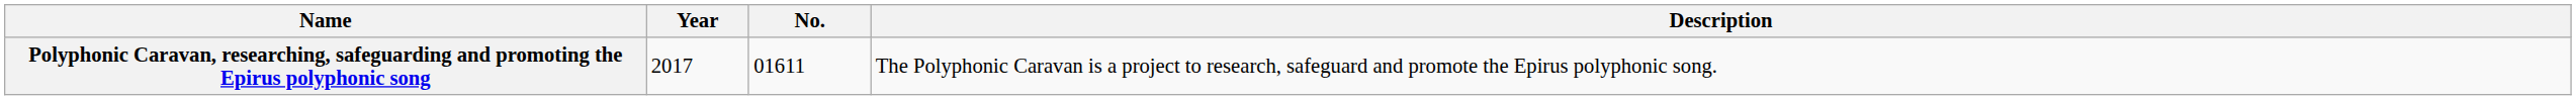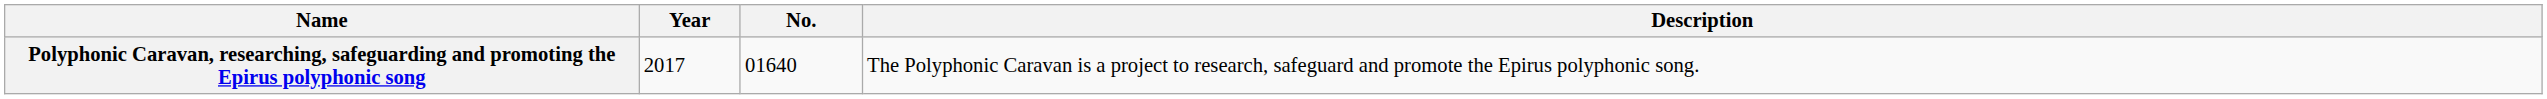 <table class="wikitable sortable plainrowheaders">
 <tr>
 <th style="width:25%">Name</th>
 <th>Year</th>
 <th>No.</th>
 <th class="unsortable">Description</th>
 </tr>
 <tr>
 <th scope="row">Polyphonic Caravan, researching, safeguarding and promoting the <a href='#'>Epirus polyphonic song</a></th>
 <td>2017</td>
-<td>01611</td>
+<td>01640</td>
 <td>The Polyphonic Caravan is a project to research, safeguard and promote the Epirus polyphonic song.</td>
 </tr>
 </table>
